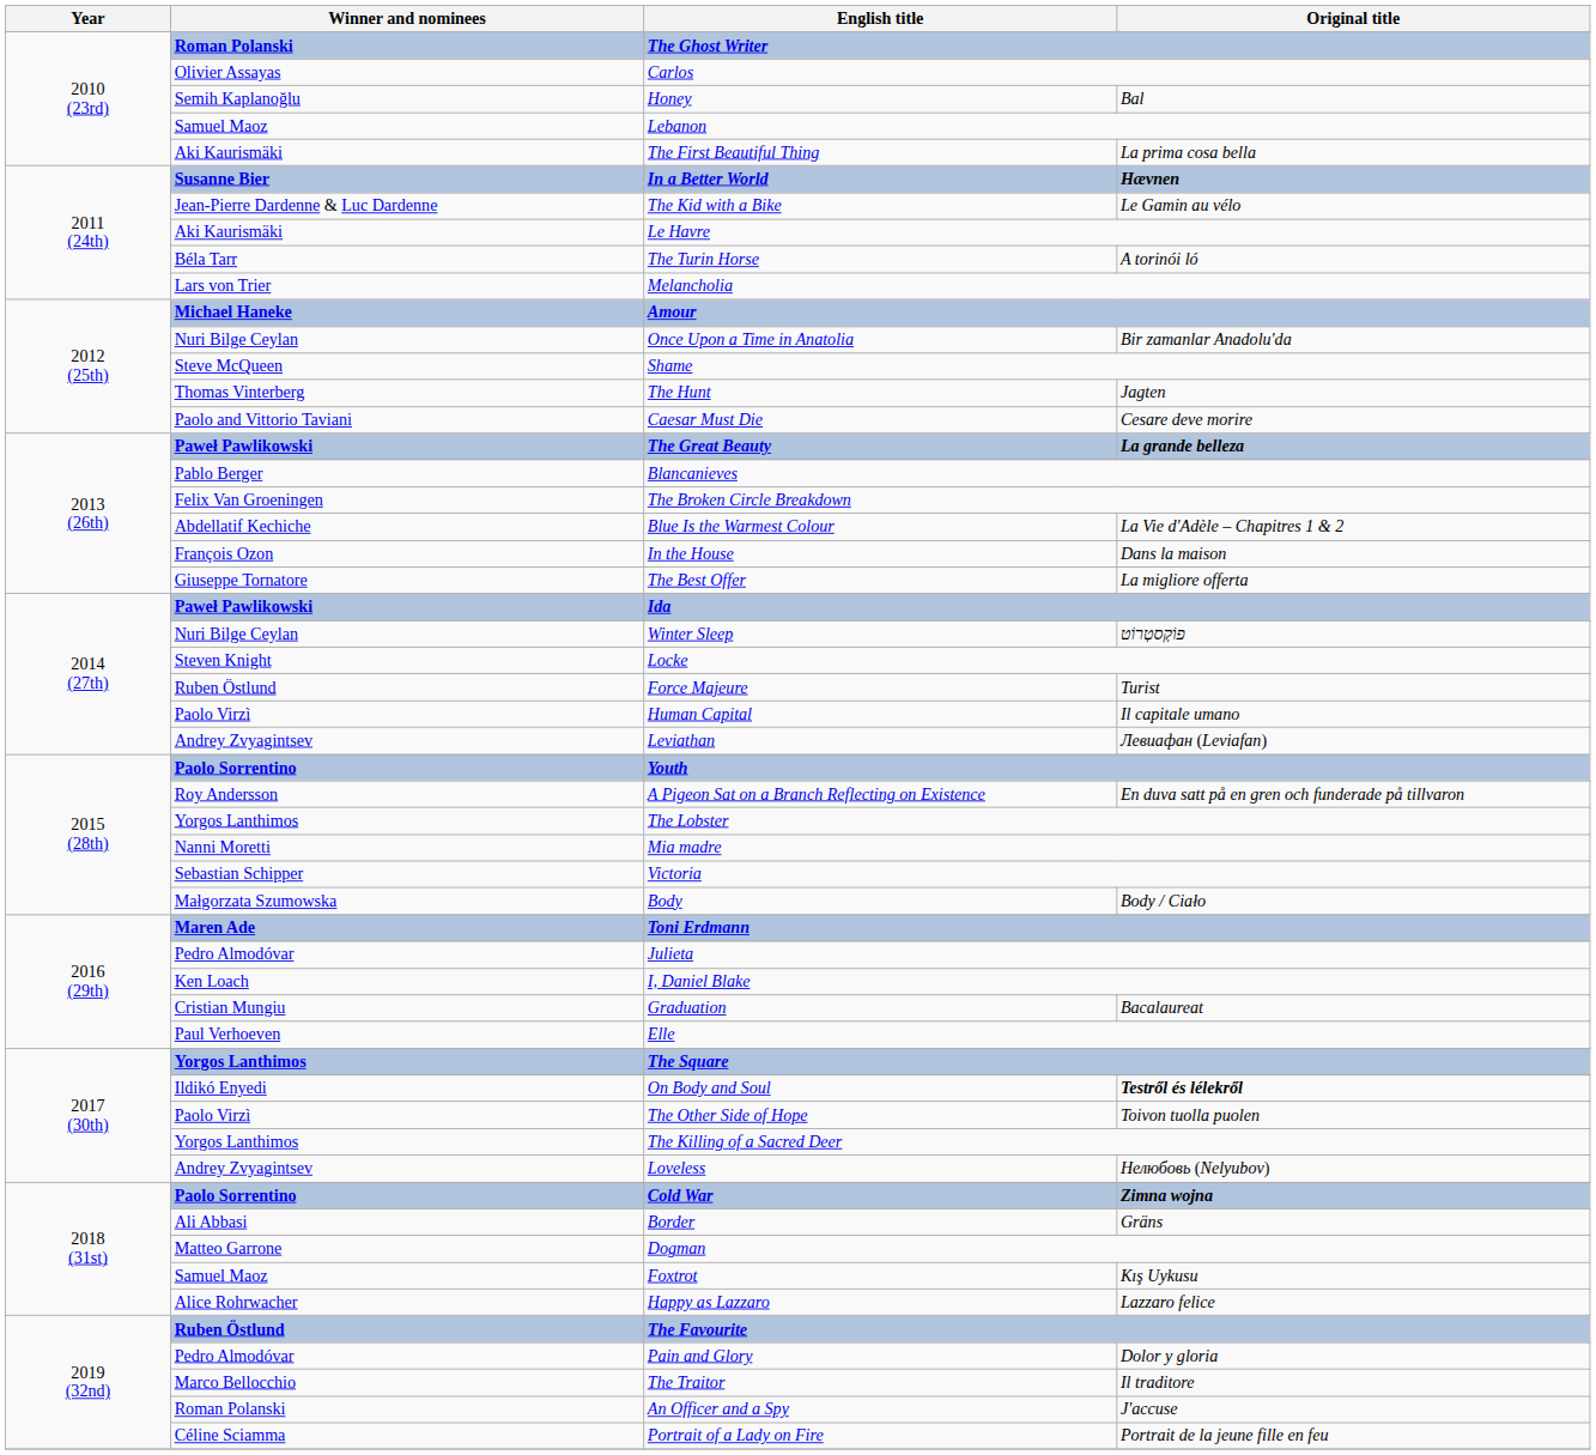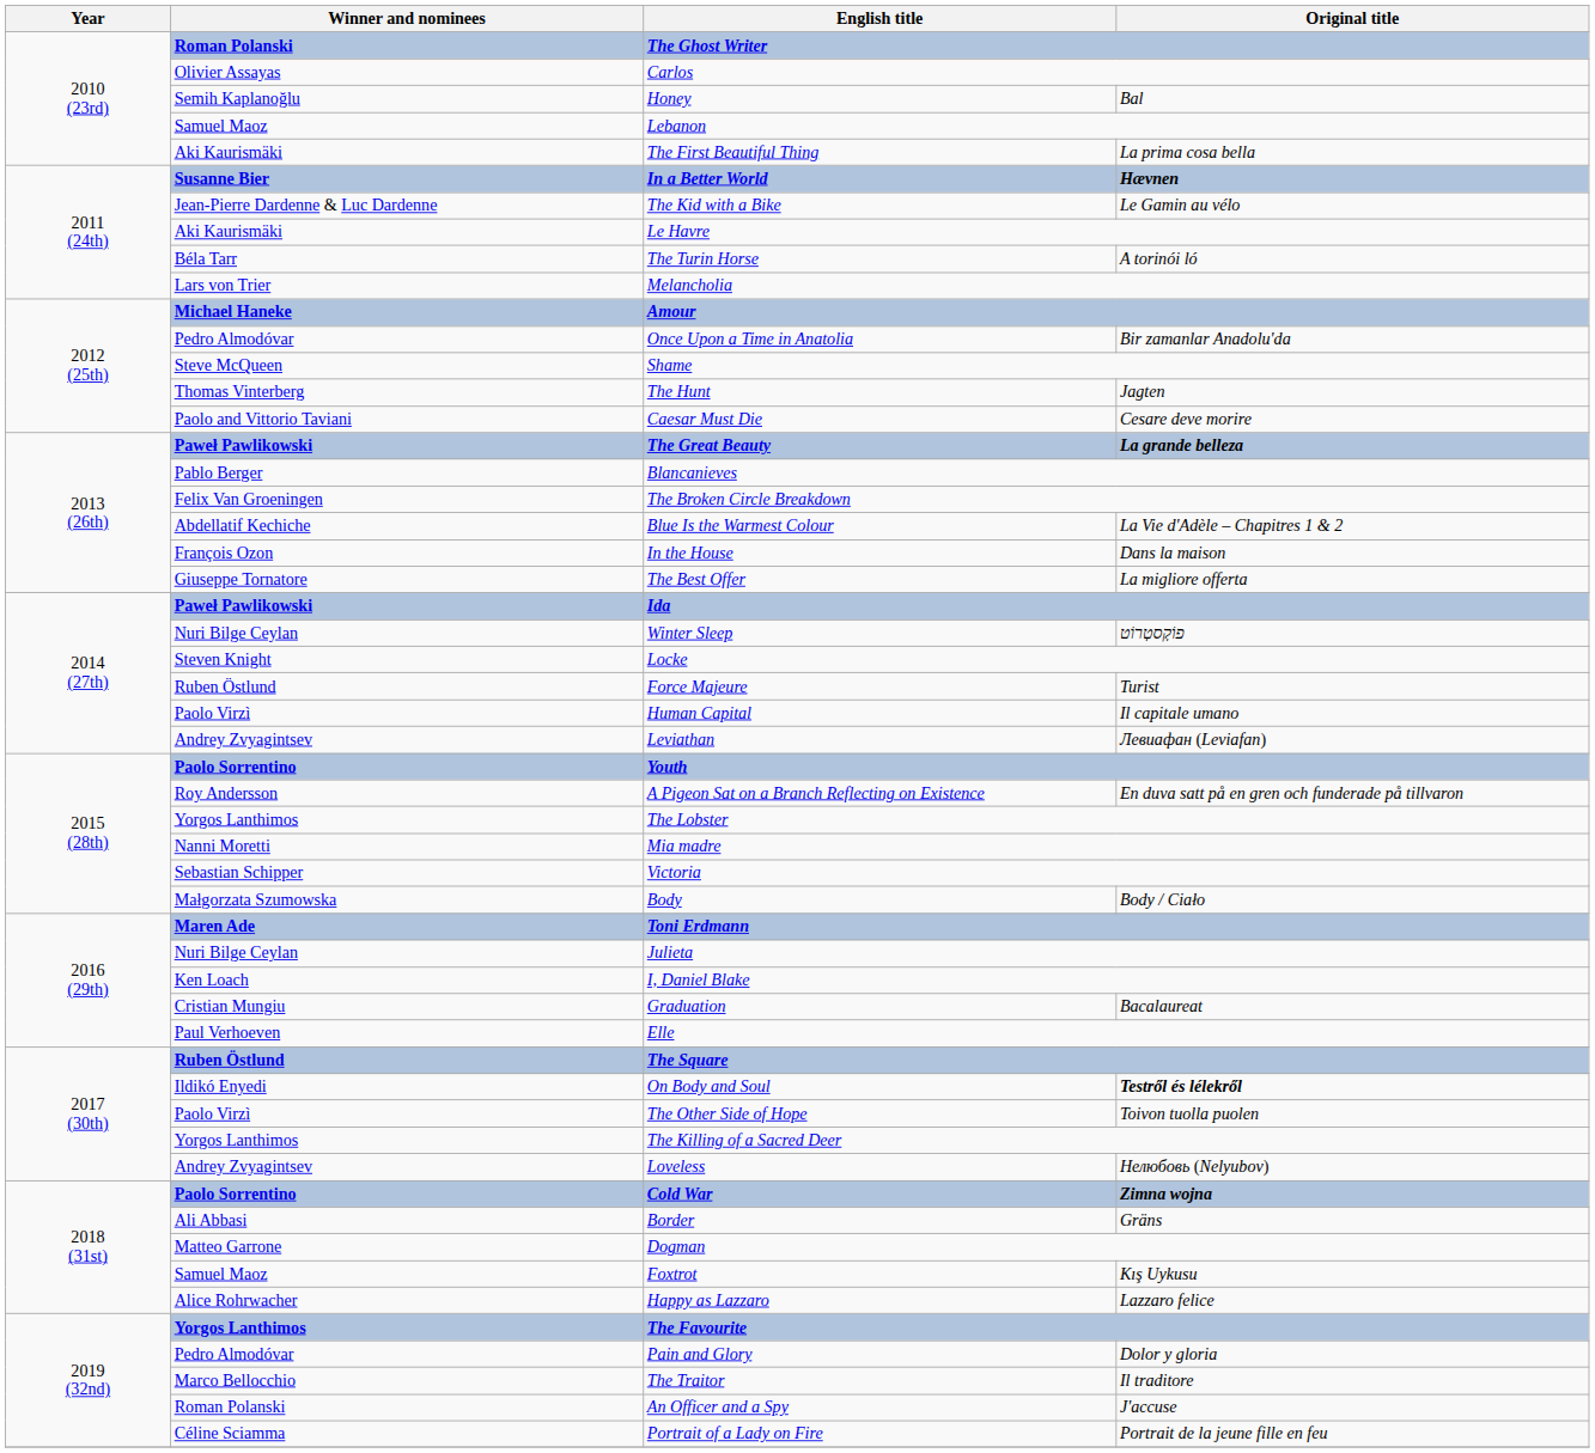 <table class="wikitable" width="95%" cellpadding="5">
 <tr>
 <th width="100"><strong>Year</strong></th>
 <th width="300"><strong>Winner and nominees</strong></th>
 <th width="300"><strong>English title</strong></th>
 <th width="300"><strong>Original title</strong></th>
 </tr>
 <tr>
 <td rowspan="5" style="text-align:center;">2010<br><a href='#'>(23rd)</a><br></td>
 <td style="background:#B0C4DE;"><strong><a href='#'>Roman Polanski</a></strong></td>
 <td colspan="2" style="background:#B0C4DE;"><strong><em><a href='#'>The Ghost Writer</a></em></strong></td>
 </tr>
 <tr>
 <td><a href='#'>Olivier Assayas</a></td>
 <td colspan="2"><em><a href='#'>Carlos</a></em></td>
 </tr>
 <tr>
 <td><a href='#'>Semih Kaplanoğlu</a></td>
 <td><em><a href='#'>Honey</a></em></td>
 <td><em>Bal</em></td>
 </tr>
 <tr>
 <td><a href='#'>Samuel Maoz</a></td>
 <td colspan="2"><em><a href='#'>Lebanon</a></em></td>
 </tr>
 <tr>
 <td><a href='#'>Aki Kaurismäki</a></td>
 <td><em><a href='#'>The First Beautiful Thing</a></em></td>
 <td><em>La prima cosa bella</em></td>
 </tr>
 <tr>
 <td rowspan="5" style="text-align:center;">2011<br><a href='#'>(24th)</a><br></td>
 <td style="background:#B0C4DE;"><strong> <a href='#'>Susanne Bier</a></strong></td>
 <td style="background:#B0C4DE;"><strong><em><a href='#'>In a Better World</a></em></strong></td>
 <td style="background:#B0C4DE;"><strong><em>Hævnen</em></strong></td>
 </tr>
 <tr>
 <td><a href='#'>Jean-Pierre Dardenne</a> & <a href='#'>Luc Dardenne</a></td>
 <td><em><a href='#'>The Kid with a Bike</a></em></td>
 <td><em>Le Gamin au vélo</em></td>
 </tr>
 <tr>
 <td><a href='#'>Aki Kaurismäki</a></td>
 <td colspan="2"><em><a href='#'>Le Havre</a></em></td>
 </tr>
 <tr>
 <td><a href='#'>Béla Tarr</a></td>
 <td><em><a href='#'>The Turin Horse</a></em></td>
 <td><em>A torinói ló</em></td>
 </tr>
 <tr>
 <td><a href='#'>Lars von Trier</a></td>
 <td colspan="2"><em><a href='#'>Melancholia</a></em></td>
 </tr>
 <tr>
 <td rowspan="5" style="text-align:center;">2012<br><a href='#'>(25th)</a><br></td>
 <td style="background:#B0C4DE;"><strong><a href='#'>Michael Haneke</a></strong></td>
 <td colspan="2" style="background:#B0C4DE;"><strong><em><a href='#'>Amour</a></em></strong></td>
 </tr>
 <tr>
-<td><a href='#'>Nuri Bilge Ceylan</a></td>
+<td><a href='#'>Pedro Almodóvar</a></td>
 <td><em><a href='#'>Once Upon a Time in Anatolia</a></em></td>
 <td><em>Bir zamanlar Anadolu'da</em></td>
 </tr>
 <tr>
 <td><a href='#'>Steve McQueen</a></td>
 <td colspan="2"><em><a href='#'>Shame</a></em></td>
 </tr>
 <tr>
 <td><a href='#'>Thomas Vinterberg</a></td>
 <td><em><a href='#'>The Hunt</a></em></td>
 <td><em>Jagten</em></td>
 </tr>
 <tr>
 <td><a href='#'>Paolo and Vittorio Taviani</a></td>
 <td><em><a href='#'>Caesar Must Die</a></em></td>
 <td><em>Cesare deve morire</em></td>
 </tr>
 <tr>
 <td rowspan="6" style="text-align:center;">2013<br><a href='#'>(26th)</a><br></td>
 <td style="background:#B0C4DE;"><strong> <a href='#'>Paweł Pawlikowski</a></strong></td>
 <td style="background:#B0C4DE;"><strong><em><a href='#'>The Great Beauty</a></em></strong></td>
 <td style="background:#B0C4DE;"><strong><em>La grande belleza</em></strong></td>
 </tr>
 <tr>
 <td><a href='#'>Pablo Berger</a></td>
 <td colspan="2"><em><a href='#'>Blancanieves</a></em></td>
 </tr>
 <tr>
 <td><a href='#'>Felix Van Groeningen</a></td>
 <td colspan="2"><em><a href='#'>The Broken Circle Breakdown</a></em></td>
 </tr>
 <tr>
 <td><a href='#'>Abdellatif Kechiche</a></td>
 <td><em><a href='#'>Blue Is the Warmest Colour</a></em></td>
 <td><em>La Vie d'Adèle – Chapitres 1 & 2</em></td>
 </tr>
 <tr>
 <td><a href='#'>François Ozon</a></td>
 <td><em><a href='#'>In the House</a></em></td>
 <td><em>Dans la maison</em></td>
 </tr>
 <tr>
 <td><a href='#'>Giuseppe Tornatore</a></td>
 <td><em><a href='#'>The Best Offer</a></em></td>
 <td><em>La migliore offerta</em></td>
 </tr>
 <tr>
 <td rowspan="6" style="text-align:center;">2014<br><a href='#'>(27th)</a><br></td>
 <td style="background:#B0C4DE;"><strong> <a href='#'>Paweł Pawlikowski</a></strong></td>
 <td colspan="2" style="background:#B0C4DE;"><strong><em><a href='#'>Ida</a></em></strong></td>
 </tr>
 <tr>
 <td><a href='#'>Nuri Bilge Ceylan</a></td>
 <td><em><a href='#'>Winter Sleep</a></em></td>
 <td><em>פוֹקְסטְרוֹט</em></td>
 </tr>
 <tr>
 <td><a href='#'>Steven Knight</a></td>
 <td colspan="2"><em><a href='#'>Locke</a></em></td>
 </tr>
 <tr>
 <td><a href='#'>Ruben Östlund</a></td>
 <td><em><a href='#'>Force Majeure</a></em></td>
 <td><em>Turist</em></td>
 </tr>
 <tr>
 <td><a href='#'>Paolo Virzì</a></td>
 <td><em><a href='#'>Human Capital</a></em></td>
 <td><em>Il capitale umano</em></td>
 </tr>
 <tr>
 <td><a href='#'>Andrey Zvyagintsev</a></td>
 <td><em><a href='#'>Leviathan</a></em></td>
 <td><em>Левиафан</em> (<em>Leviafan</em>)</td>
 </tr>
 <tr>
 <td rowspan="6" style="text-align:center;">2015<br><a href='#'>(28th)</a><br></td>
 <td style="background:#B0C4DE;"><strong> <a href='#'>Paolo Sorrentino</a></strong></td>
 <td colspan="2" style="background:#B0C4DE;"><strong><em><a href='#'>Youth</a></em></strong></td>
 </tr>
 <tr>
 <td><a href='#'>Roy Andersson</a></td>
 <td><em><a href='#'>A Pigeon Sat on a Branch Reflecting on Existence</a></em></td>
 <td><em>En duva satt på en gren och funderade på tillvaron</em></td>
 </tr>
 <tr>
 <td><a href='#'>Yorgos Lanthimos</a></td>
 <td colspan="2"><em><a href='#'>The Lobster</a></em></td>
 </tr>
 <tr>
 <td><a href='#'>Nanni Moretti</a></td>
 <td colspan="2"><em><a href='#'>Mia madre</a></em></td>
 </tr>
 <tr>
 <td><a href='#'>Sebastian Schipper</a></td>
 <td colspan="2"><em><a href='#'>Victoria</a></em></td>
 </tr>
 <tr>
 <td><a href='#'>Małgorzata Szumowska</a></td>
 <td><em><a href='#'>Body</a></em></td>
 <td><em>Body / Ciało</em></td>
 </tr>
 <tr>
 <td rowspan="5" style="text-align:center;">2016<br><a href='#'>(29th)</a><br></td>
 <td style="background:#B0C4DE;"><strong> <a href='#'>Maren Ade</a></strong></td>
 <td colspan="2" style="background:#B0C4DE;"><strong><em><a href='#'>Toni Erdmann</a></em></strong></td>
 </tr>
 <tr>
-<td><a href='#'>Pedro Almodóvar</a></td>
+<td><a href='#'>Nuri Bilge Ceylan</a></td>
 <td colspan="2"><em><a href='#'>Julieta</a></em></td>
 </tr>
 <tr>
 <td><a href='#'>Ken Loach</a></td>
 <td colspan="2"><em><a href='#'>I, Daniel Blake</a></em></td>
 </tr>
 <tr>
 <td><a href='#'>Cristian Mungiu</a></td>
 <td><em><a href='#'>Graduation</a></em></td>
 <td><em>Bacalaureat</em></td>
 </tr>
 <tr>
 <td><a href='#'>Paul Verhoeven</a></td>
 <td colspan="2"><em><a href='#'>Elle</a></em></td>
 </tr>
 <tr>
 <td rowspan="5" style="text-align:center;">2017<br><a href='#'>(30th)</a><br></td>
-<td style="background:#B0C4DE;"><strong> <a href='#'>Yorgos Lanthimos</a></strong></td>
+<td style="background:#B0C4DE;"><strong> <a href='#'>Ruben Östlund</a></strong></td>
 <td colspan="2" style="background:#B0C4DE;"><strong><em><a href='#'>The Square</a></em></strong></td>
 </tr>
 <tr>
 <td><a href='#'>Ildikó Enyedi</a></td>
 <td><em><a href='#'>On Body and Soul</a></em></td>
 <td><strong><em>Testről és lélekről</em></strong></td>
 </tr>
 <tr>
 <td><a href='#'>Paolo Virzì</a></td>
 <td><em><a href='#'>The Other Side of Hope</a></em></td>
 <td><em>Toivon tuolla puolen</em></td>
 </tr>
 <tr>
 <td><a href='#'>Yorgos Lanthimos</a></td>
 <td colspan="2"><em><a href='#'>The Killing of a Sacred Deer</a></em></td>
 </tr>
 <tr>
 <td><a href='#'>Andrey Zvyagintsev</a></td>
 <td><em><a href='#'>Loveless</a></em></td>
 <td><em>Нелюбовь</em> (<em>Nelyubov</em>)</td>
 </tr>
 <tr>
 <td rowspan="5" style="text-align:center;">2018<br><a href='#'>(31st)</a><br></td>
 <td style="background:#B0C4DE;"><strong> <a href='#'>Paolo Sorrentino</a></strong></td>
 <td style="background:#B0C4DE;"><strong><em><a href='#'>Cold War</a></em></strong></td>
 <td style="background:#B0C4DE;"><strong><em>Zimna wojna</em></strong></td>
 </tr>
 <tr>
 <td><a href='#'>Ali Abbasi</a></td>
 <td><em><a href='#'>Border</a></em></td>
 <td><em>Gräns</em></td>
 </tr>
 <tr>
 <td><a href='#'>Matteo Garrone</a></td>
 <td colspan="2"><em><a href='#'>Dogman</a></em></td>
 </tr>
 <tr>
 <td><a href='#'>Samuel Maoz</a></td>
 <td><em><a href='#'>Foxtrot</a></em></td>
 <td><em>Kış Uykusu</em></td>
 </tr>
 <tr>
 <td><a href='#'>Alice Rohrwacher</a></td>
 <td><em><a href='#'>Happy as Lazzaro</a></em></td>
 <td><em>Lazzaro felice</em></td>
 </tr>
 <tr>
 <td rowspan="5" style="text-align:center;">2019<br><a href='#'>(32nd)</a><br></td>
-<td style="background:#B0C4DE;"><strong> <a href='#'>Ruben Östlund</a></strong></td>
+<td style="background:#B0C4DE;"><strong> <a href='#'>Yorgos Lanthimos</a></strong></td>
 <td colspan="2" style="background:#B0C4DE;"><strong><em><a href='#'>The Favourite</a></em></strong></td>
 </tr>
 <tr>
 <td><a href='#'>Pedro Almodóvar</a></td>
 <td><em><a href='#'>Pain and Glory</a></em></td>
 <td><em>Dolor y gloria</em></td>
 </tr>
 <tr>
 <td><a href='#'>Marco Bellocchio</a></td>
 <td><em><a href='#'>The Traitor</a></em></td>
 <td><em>Il traditore</em></td>
 </tr>
 <tr>
 <td><a href='#'>Roman Polanski</a></td>
 <td><em><a href='#'>An Officer and a Spy</a></em></td>
 <td><em>J'accuse</em></td>
 </tr>
 <tr>
 <td><a href='#'>Céline Sciamma</a></td>
 <td><em><a href='#'>Portrait of a Lady on Fire</a></em></td>
 <td><em>Portrait de la jeune fille en feu</em></td>
 </tr>
 <tr>
 </tr>
 </table>
